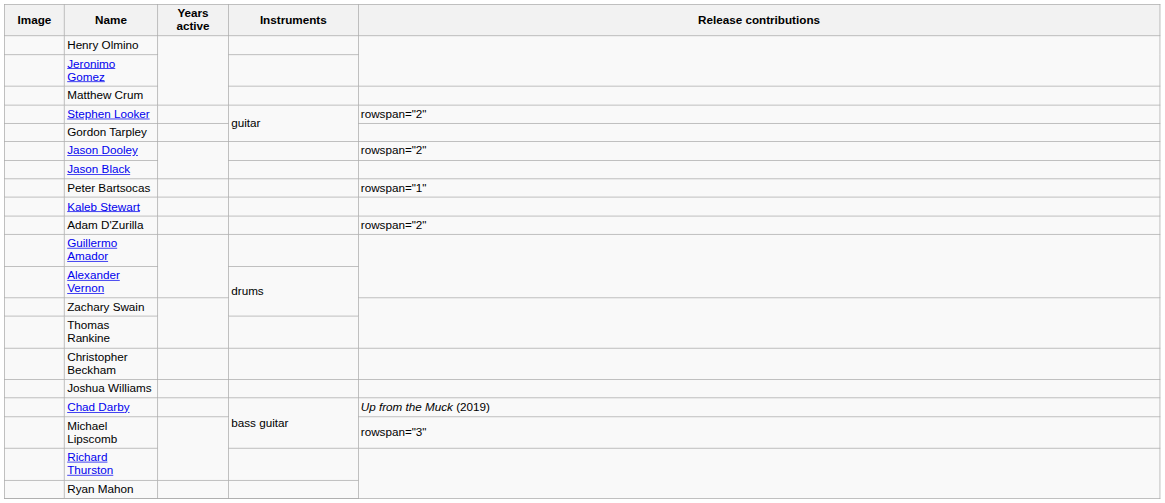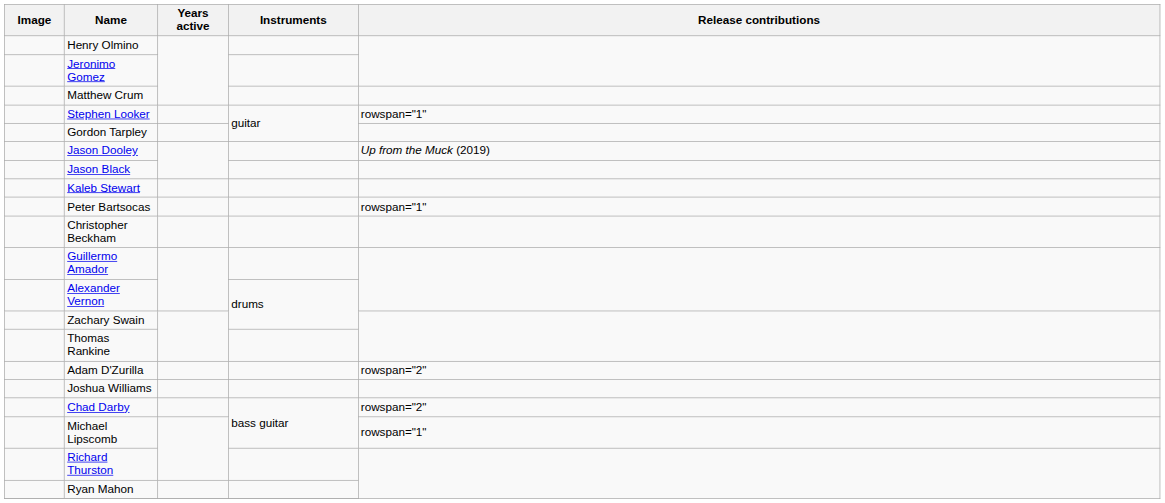 <table class="wikitable" width="100%" border="1">
 <tr>
 <th width="75">Image</th>
 <th width="120">Name</th>
 <th width="90">Years active</th>
 <th width="170">Instruments</th>
 <th>Release contributions</th>
 </tr>
 <tr>
 <td></td>
 <td>Henry Olmino</td>
 <td rowspan="3"></td>
 <td></td>
 <td rowspan="2"></td>
 </tr>
 <tr>
 <td></td>
 <td><a href='#'>Jeronimo Gomez</a></td>
 <td></td>
 </tr>
 <tr>
 <td></td>
 <td>Matthew Crum</td>
 <td></td>
 <td></td>
 </tr>
 <tr>
 <td></td>
 <td><a href='#'>Stephen Looker</a></td>
 <td></td>
 <td rowspan="2">guitar</td>
-<td>rowspan="2" </td>
+<td>rowspan="1" </td>
 </tr>
 <tr>
 <td></td>
 <td>Gordon Tarpley</td>
 <td></td>
 <td></td>
 </tr>
 <tr>
 <td></td>
 <td><a href='#'>Jason Dooley</a></td>
 <td rowspan="2"></td>
 <td></td>
-<td>rowspan="2" </td>
+<td><em>Up from the Muck</em> (2019)</td>
 </tr>
 <tr>
 <td></td>
 <td><a href='#'>Jason Black</a></td>
+<td></td>
+</tr>
+<tr>
+<td></td>
+<td><a href='#'>Kaleb Stewart</a></td>
+<td></td>
+<td></td>
 <td></td>
 </tr>
 <tr>
 <td></td>
 <td>Peter Bartsocas</td>
 <td></td>
 <td></td>
 <td>rowspan="1" </td>
 </tr>
 <tr>
 <td></td>
-<td><a href='#'>Kaleb Stewart</a></td>
+<td>Christopher Beckham</td>
 <td></td>
 <td></td>
 <td></td>
-</tr>
-<tr>
-<td></td>
-<td>Adam D'Zurilla</td>
-<td></td>
-<td></td>
-<td>rowspan="2" </td>
 </tr>
 <tr>
 <td></td>
 <td><a href='#'>Guillermo Amador</a></td>
 <td rowspan="2"></td>
 <td></td>
 <td rowspan="2"></td>
 </tr>
 <tr>
 <td></td>
 <td><a href='#'>Alexander Vernon</a></td>
 <td rowspan="2">drums</td>
 </tr>
 <tr>
 <td></td>
 <td>Zachary Swain</td>
 <td rowspan="2"></td>
 <td rowspan="2"></td>
 </tr>
 <tr>
 <td></td>
 <td>Thomas Rankine</td>
 <td></td>
 </tr>
 <tr>
 <td></td>
-<td>Christopher Beckham</td>
+<td>Adam D'Zurilla</td>
 <td></td>
 <td></td>
-<td></td>
+<td>rowspan="2" </td>
 </tr>
 <tr>
 <td></td>
 <td>Joshua Williams</td>
 <td></td>
 <td></td>
 </tr>
 <tr>
 <td></td>
 <td><a href='#'>Chad Darby</a></td>
 <td></td>
 <td rowspan="2">bass guitar</td>
-<td><em>Up from the Muck</em> (2019)</td>
+<td>rowspan="2" </td>
 </tr>
 <tr>
 <td></td>
 <td>Michael Lipscomb</td>
 <td rowspan="2"></td>
-<td>rowspan="3" </td>
+<td>rowspan="1" </td>
 </tr>
 <tr>
 <td></td>
 <td><a href='#'>Richard Thurston</a></td>
 <td></td>
 </tr>
 <tr>
 <td></td>
 <td>Ryan Mahon</td>
 <td></td>
 <td></td>
 </tr>
 <tr>
 </tr>
 </table>
